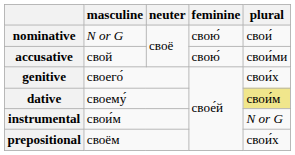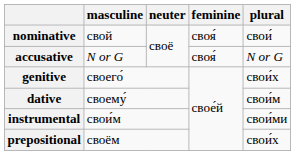 <table class="wikitable" style="display: inline-table;">
 <tr>
 <th></th>
 <th>masculine</th>
 <th>neuter</th>
 <th>feminine</th>
 <th>plural</th>
 </tr>
 <tr>
 <th>nominative</th>
-<td><em>N or G</em></td>
+<td>свой</td>
 <td rowspan="2">своё</td>
-<td>свою́</td>
+<td>своя́</td>
 <td>свои́</td>
 </tr>
 <tr>
 <th>accusative</th>
-<td>свой</td>
-<td>свою́</td>
-<td>свои́ми</td>
+<td><em>N or G</em></td>
+<td>своя́</td>
+<td><em>N or G</em></td>
 </tr>
 <tr>
 <th>genitive</th>
 <td colspan="2">своего́</td>
 <td rowspan="4">свое́й</td>
 <td>свои́х</td>
 </tr>
 <tr>
 <th>dative</th>
 <td colspan="2">своему́</td>
-<td style="background: khaki;">свои́м</td>
+<td>свои́м</td>
 </tr>
 <tr>
 <th>instrumental</th>
 <td colspan="2">свои́м</td>
-<td><em>N or G</em></td>
+<td>свои́ми</td>
 </tr>
 <tr>
 <th>prepositional</th>
 <td colspan="2">своём</td>
 <td>свои́х</td>
 </tr>
 </table>
